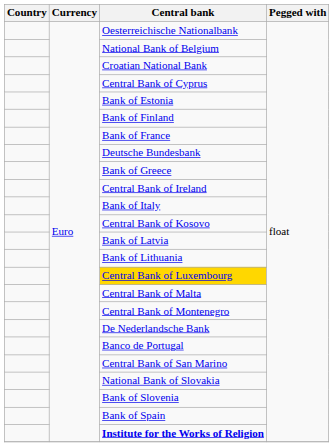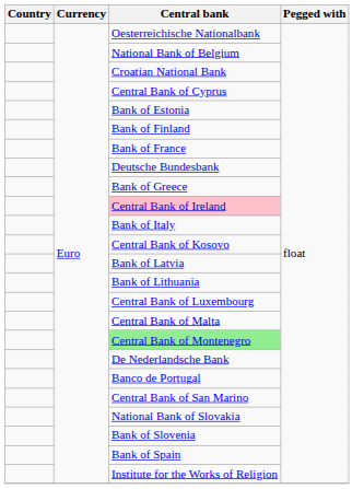 <table class="wikitable sortable static-row-numbers static-row-header-text">
 <tr>
 <th>Country</th>
 <th class="unsortable">Currency</th>
 <th>Central bank</th>
 <th class="unsortable">Pegged with</th>
 </tr>
 <tr>
 <td></td>
 <td rowspan=24><a href='#'>Euro</a></td>
 <td><a href='#'>Oesterreichische Nationalbank</a></td>
 <td rowspan=24>float</td>
 </tr>
 <tr>
 <td></td>
 <td><a href='#'>National Bank of Belgium</a></td>
 </tr>
 <tr>
 <td></td>
 <td><a href='#'>Croatian National Bank</a></td>
 </tr>
 <tr>
 <td></td>
 <td><a href='#'>Central Bank of Cyprus</a></td>
 </tr>
 <tr>
 <td></td>
 <td><a href='#'>Bank of Estonia</a></td>
 </tr>
 <tr>
 <td></td>
 <td><a href='#'>Bank of Finland</a></td>
 </tr>
 <tr>
 <td></td>
 <td><a href='#'>Bank of France</a></td>
 </tr>
 <tr>
 <td></td>
 <td><a href='#'>Deutsche Bundesbank</a></td>
 </tr>
 <tr>
 <td></td>
 <td><a href='#'>Bank of Greece</a></td>
 </tr>
 <tr>
 <td></td>
-<td><a href='#'>Central Bank of Ireland</a></td>
+<td style="background: pink;"><a href='#'>Central Bank of Ireland</a></td>
 </tr>
 <tr>
 <td></td>
 <td><a href='#'>Bank of Italy</a></td>
 </tr>
 <tr>
 <td></td>
 <td><a href='#'>Central Bank of Kosovo</a></td>
 </tr>
 <tr>
 <td></td>
 <td><a href='#'>Bank of Latvia</a></td>
 </tr>
 <tr>
 <td></td>
 <td><a href='#'>Bank of Lithuania</a></td>
 </tr>
 <tr>
 <td></td>
-<td style="background: gold;"><a href='#'>Central Bank of Luxembourg</a></td>
+<td><a href='#'>Central Bank of Luxembourg</a></td>
 </tr>
 <tr>
 <td></td>
 <td><a href='#'>Central Bank of Malta</a></td>
 </tr>
 <tr>
 <td></td>
-<td><a href='#'>Central Bank of Montenegro</a></td>
+<td style="background: lightgreen;"><a href='#'>Central Bank of Montenegro</a></td>
 </tr>
 <tr>
 <td></td>
 <td><a href='#'>De Nederlandsche Bank</a></td>
 </tr>
 <tr>
 <td></td>
 <td><a href='#'>Banco de Portugal</a></td>
 </tr>
 <tr>
 <td></td>
 <td><a href='#'>Central Bank of San Marino</a></td>
 </tr>
 <tr>
 <td></td>
 <td><a href='#'>National Bank of Slovakia</a></td>
 </tr>
 <tr>
 <td></td>
 <td><a href='#'>Bank of Slovenia</a></td>
 </tr>
 <tr>
 <td></td>
 <td><a href='#'>Bank of Spain</a></td>
 </tr>
 <tr>
 <td></td>
-<td><strong><a href='#'>Institute for the Works of Religion</a></strong></td>
+<td><a href='#'>Institute for the Works of Religion</a></td>
 </tr>
 <tr>
 </tr>
 </table>
